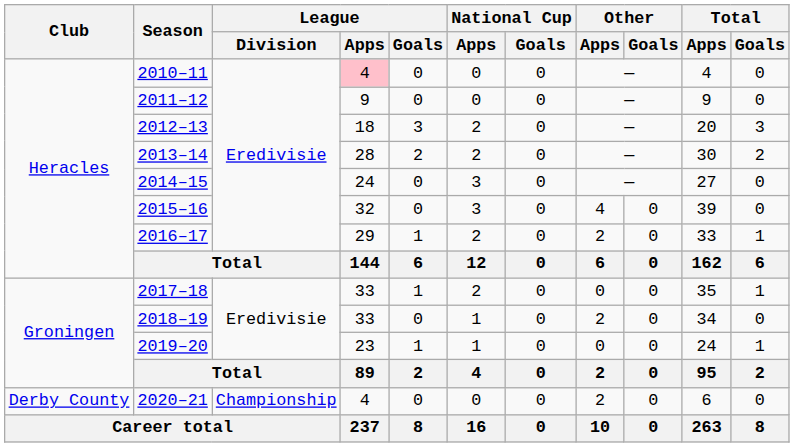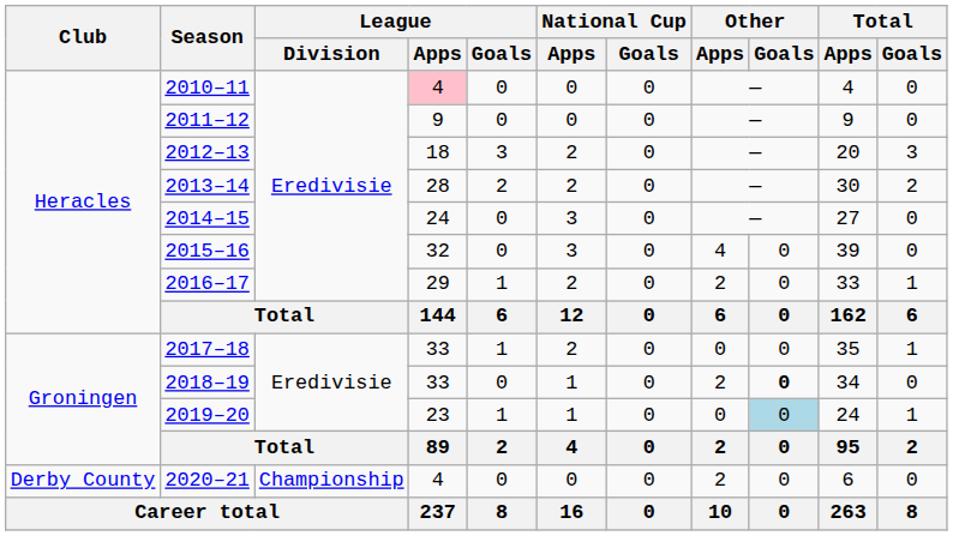 <table class="wikitable" style="text-align:center">
 <tr>
 <th rowspan="2">Club</th>
 <th rowspan="2">Season</th>
 <th colspan="3">League</th>
 <th colspan="2">National Cup</th>
 <th colspan="2">Other</th>
 <th colspan="2">Total</th>
 </tr>
 <tr>
 <th>Division</th>
 <th>Apps</th>
 <th>Goals</th>
 <th>Apps</th>
 <th>Goals</th>
 <th>Apps</th>
 <th>Goals</th>
 <th>Apps</th>
 <th>Goals</th>
 </tr>
 <tr>
 <td rowspan="8"><a href='#'>Heracles</a></td>
 <td><a href='#'>2010–11</a></td>
 <td rowspan="7"><a href='#'>Eredivisie</a></td>
 <td style="background: pink;">4</td>
 <td>0</td>
 <td>0</td>
 <td>0</td>
 <td colspan="2">—</td>
 <td>4</td>
 <td>0</td>
 </tr>
 <tr>
 <td><a href='#'>2011–12</a></td>
 <td>9</td>
 <td>0</td>
 <td>0</td>
 <td>0</td>
 <td colspan="2">—</td>
 <td>9</td>
 <td>0</td>
 </tr>
 <tr>
 <td><a href='#'>2012–13</a></td>
 <td>18</td>
 <td>3</td>
 <td>2</td>
 <td>0</td>
 <td colspan="2">—</td>
 <td>20</td>
 <td>3</td>
 </tr>
 <tr>
 <td><a href='#'>2013–14</a></td>
 <td>28</td>
 <td>2</td>
 <td>2</td>
 <td>0</td>
 <td colspan="2">—</td>
 <td>30</td>
 <td>2</td>
 </tr>
 <tr>
 <td><a href='#'>2014–15</a></td>
 <td>24</td>
 <td>0</td>
 <td>3</td>
 <td>0</td>
 <td colspan="2">—</td>
 <td>27</td>
 <td>0</td>
 </tr>
 <tr>
 <td><a href='#'>2015–16</a></td>
 <td>32</td>
 <td>0</td>
 <td>3</td>
 <td>0</td>
 <td>4</td>
 <td>0</td>
 <td>39</td>
 <td>0</td>
 </tr>
 <tr>
 <td><a href='#'>2016–17</a></td>
 <td>29</td>
 <td>1</td>
 <td>2</td>
 <td>0</td>
 <td>2</td>
 <td>0</td>
 <td>33</td>
 <td>1</td>
 </tr>
 <tr>
 <th colspan="2">Total</th>
 <th>144</th>
 <th>6</th>
 <th>12</th>
 <th>0</th>
 <th>6</th>
 <th>0</th>
 <th>162</th>
 <th>6</th>
 </tr>
 <tr>
 <td rowspan="4"><a href='#'>Groningen</a></td>
 <td><a href='#'>2017–18</a></td>
 <td rowspan="3">Eredivisie</td>
 <td>33</td>
 <td>1</td>
 <td>2</td>
 <td>0</td>
 <td>0</td>
 <td>0</td>
 <td>35</td>
 <td>1</td>
 </tr>
 <tr>
 <td><a href='#'>2018–19</a></td>
 <td>33</td>
 <td>0</td>
 <td>1</td>
 <td>0</td>
 <td>2</td>
-<td>0</td>
+<td><strong>0</strong></td>
 <td>34</td>
 <td>0</td>
 </tr>
 <tr>
 <td><a href='#'>2019–20</a></td>
 <td>23</td>
 <td>1</td>
 <td>1</td>
 <td>0</td>
 <td>0</td>
-<td>0</td>
+<td style="background: lightblue;">0</td>
 <td>24</td>
 <td>1</td>
 </tr>
 <tr>
 <th colspan="2">Total</th>
 <th>89</th>
 <th>2</th>
 <th>4</th>
 <th>0</th>
 <th>2</th>
 <th>0</th>
 <th>95</th>
 <th>2</th>
 </tr>
 <tr>
 <td><a href='#'>Derby County</a></td>
 <td><a href='#'>2020–21</a></td>
 <td><a href='#'>Championship</a></td>
 <td>4</td>
 <td>0</td>
 <td>0</td>
 <td>0</td>
 <td>2</td>
 <td>0</td>
 <td>6</td>
 <td>0</td>
 </tr>
 <tr>
 <th colspan="3">Career total</th>
 <th>237</th>
 <th>8</th>
 <th>16</th>
 <th>0</th>
 <th>10</th>
 <th>0</th>
 <th>263</th>
 <th>8</th>
 </tr>
 </table>
